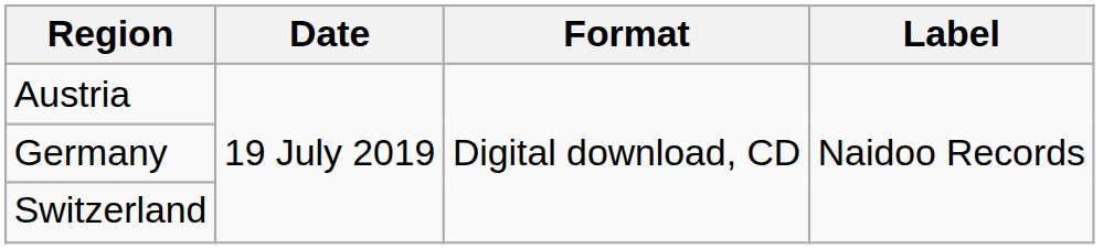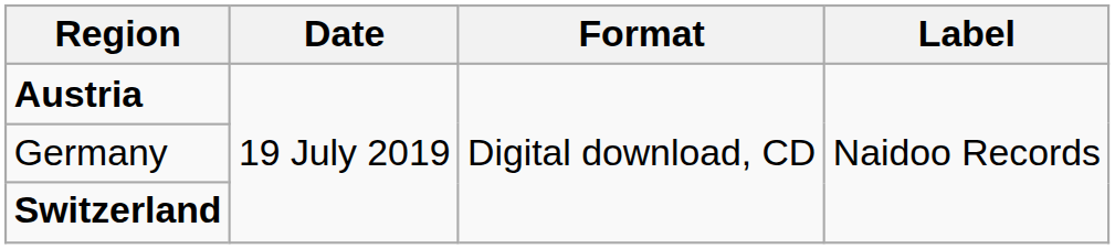 <table class="wikitable">
 <tr>
 <th scope="col">Region</th>
 <th scope="col">Date</th>
 <th scope="col">Format</th>
 <th scope="col">Label</th>
 </tr>
 <tr>
-<td>Austria</td>
+<td><strong>Austria</strong></td>
 <td rowspan="3">19 July 2019</td>
 <td rowspan="3">Digital download, CD</td>
 <td rowspan="3">Naidoo Records</td>
 </tr>
 <tr>
 <td>Germany</td>
 </tr>
 <tr>
-<td>Switzerland</td>
+<td><strong>Switzerland</strong></td>
 </tr>
 </table>
